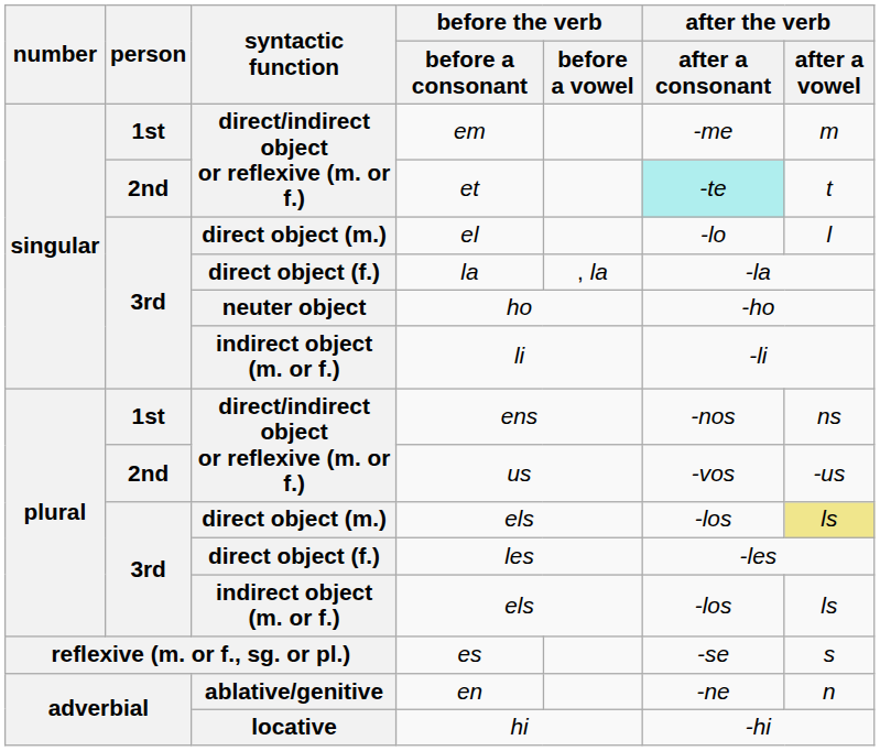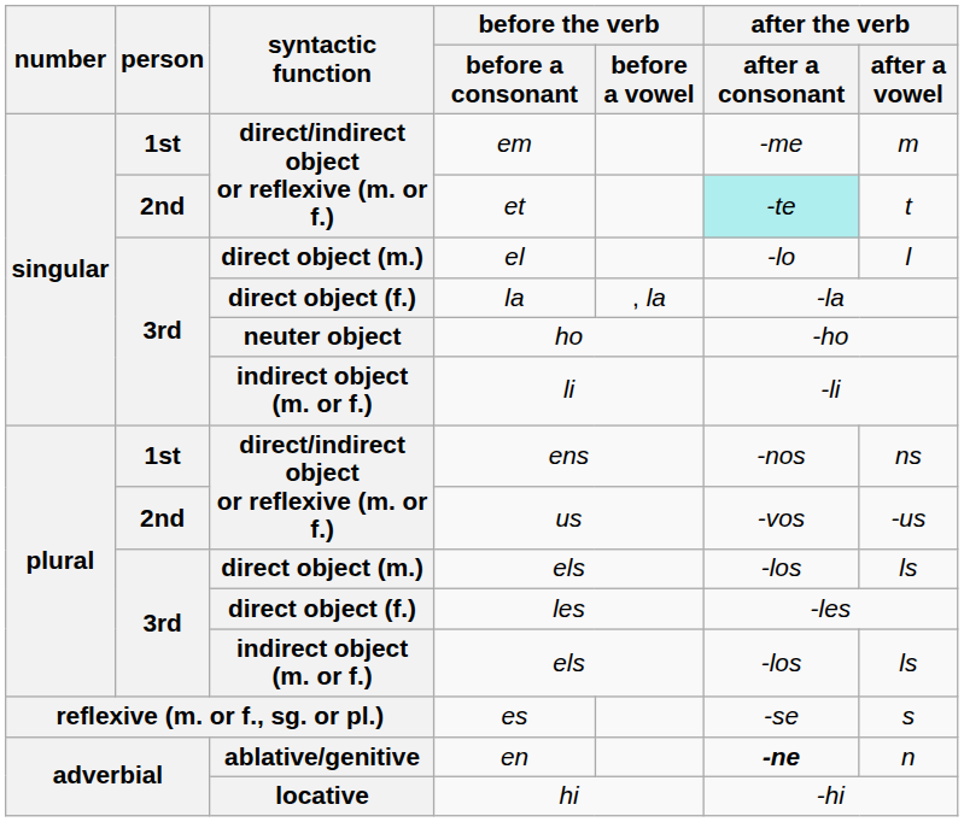 <table class="wikitable" style="text-align:center">
 <tr>
 <th rowspan="2">number</th>
 <th rowspan="2">person</th>
 <th rowspan="2">syntactic function</th>
 <th colspan="2" align="center">before the verb</th>
 <th colspan="2">after the verb</th>
 </tr>
 <tr>
 <th>before a consonant</th>
 <th>before a vowel</th>
 <th>after a consonant</th>
 <th>after a vowel</th>
 </tr>
 <tr>
 <th rowspan="6">singular</th>
 <th>1st</th>
 <th align="left" rowspan="2">direct/indirect object<br> or reflexive (m. or f.)</th>
 <td><em>em</em></td>
 <td><em></em></td>
 <td><em>-me</em></td>
 <td><em>m</em></td>
 </tr>
 <tr>
 <th>2nd</th>
 <td><em>et</em></td>
 <td><em></em></td>
 <td style="background: paleturquoise;"><em>-te</em></td>
 <td><em>t</em></td>
 </tr>
 <tr>
 <th rowspan="4">3rd</th>
 <th align="left">direct object (m.)</th>
 <td><em>el</em></td>
 <td><em></em></td>
 <td><em>-lo</em></td>
 <td><em>l</em></td>
 </tr>
 <tr>
 <th align="left">direct object (f.)</th>
 <td><em>la</em></td>
 <td><em></em>, <em>la</em></td>
 <td colspan="2"><em>-la</em></td>
 </tr>
 <tr>
 <th align="left">neuter object</th>
 <td colspan="2"><em>ho</em></td>
 <td colspan="2"><em>-ho</em></td>
 </tr>
 <tr>
 <th align="left">indirect object (m. or f.)</th>
 <td colspan="2"><em>li</em></td>
 <td colspan="2"><em>-li</em></td>
 </tr>
 <tr>
 <th rowspan="5">plural</th>
 <th>1st</th>
 <th align="left"  rowspan="2">direct/indirect object<br> or reflexive (m. or f.)</th>
 <td colspan="2"><em>ens</em></td>
 <td><em>-nos</em></td>
 <td><em>ns</em></td>
 </tr>
 <tr>
 <th>2nd</th>
 <td colspan="2"><em>us</em></td>
 <td><em>-vos</em></td>
 <td><em>-us</em></td>
 </tr>
 <tr>
 <th rowspan="3">3rd</th>
 <th align="left">direct object (m.)</th>
 <td colspan="2"><em>els</em></td>
 <td><em>-los</em></td>
-<td style="background: khaki;"><em>ls</em></td>
+<td><em>ls</em></td>
 </tr>
 <tr>
 <th align="left">direct object (f.)</th>
 <td colspan="2"><em>les</em></td>
 <td colspan="2"><em>-les</em></td>
 </tr>
 <tr>
 <th align="left">indirect object (m. or f.)</th>
 <td colspan="2"><em>els</em></td>
 <td><em>-los</em></td>
 <td><em>ls</em></td>
 </tr>
 <tr>
 <th colspan="3">reflexive (m. or f., sg. or pl.)</th>
 <td><em>es</em></td>
 <td><em></em></td>
 <td><em>-se</em></td>
 <td><em>s</em></td>
 </tr>
 <tr>
 <th colspan="2"  rowspan="2">adverbial</th>
 <th align="left">ablative/genitive</th>
 <td><em>en</em></td>
 <td><em></em></td>
-<td><em>-ne</em></td>
+<td><strong><em>-ne</em></strong></td>
 <td><em>n</em></td>
 </tr>
 <tr>
 <th align="left">locative</th>
 <td colspan="2"><em>hi</em></td>
 <td colspan="2"><em>-hi</em></td>
 </tr>
 </table>
